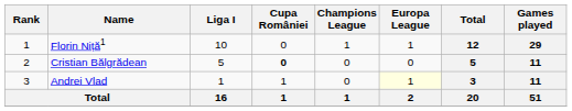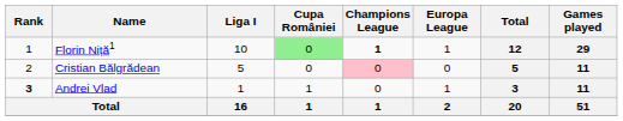 <table class="wikitable" style="text-align:center;">
 <tr>
 <th style="width:56px;">Rank</th>
 <th style="width:200px;">Name</th>
 <th style="width:84px;">Liga I</th>
 <th style="width:84px;">Cupa României</th>
 <th style="width:84px;">Champions League</th>
 <th style="width:84px;">Europa League</th>
 <th style="width:84px;">Total</th>
 <th style="width:84px;">Games played</th>
 </tr>
 <tr>
 <td>1</td>
 <td align="left"> <a href='#'>Florin Niță</a><sup>1</sup></td>
 <td>10</td>
-<td>0</td>
-<td>1</td>
+<td style="background: lightgreen;">0</td>
+<td><strong>1</strong></td>
 <td>1</td>
 <th>12</th>
 <th>29</th>
 </tr>
 <tr>
 <td>2</td>
 <td align="left"> <a href='#'>Cristian Bălgrădean</a></td>
 <td>5</td>
-<td><strong>0</strong></td>
 <td>0</td>
+<td style="background: pink;">0</td>
 <td>0</td>
 <th>5</th>
 <th>11</th>
 </tr>
 <tr>
-<td>3</td>
+<td><strong>3</strong></td>
 <td align="left"> <a href='#'>Andrei Vlad</a></td>
 <td>1</td>
 <td>1</td>
 <td>0</td>
-<td style="background: lightyellow;">1</td>
+<td>1</td>
 <th>3</th>
 <th>11</th>
 </tr>
 <tr>
 <th colspan="2">Total</th>
 <th>16</th>
 <th>1</th>
 <th>1</th>
 <th>2</th>
 <th>20</th>
 <th>51</th>
 </tr>
 <tr>
 </tr>
 </table>
